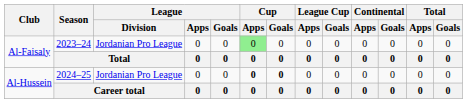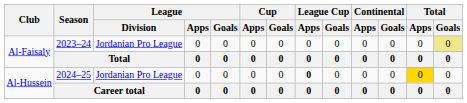 <table class="wikitable" style="text-align: center;">
 <tr>
 <th rowspan="2">Club</th>
 <th rowspan="2">Season</th>
 <th colspan="3">League</th>
 <th colspan="2">Cup</th>
 <th colspan="2">League Cup</th>
 <th colspan="2">Continental</th>
 <th colspan="2">Total</th>
 </tr>
 <tr>
 <th>Division</th>
 <th>Apps</th>
 <th>Goals</th>
 <th>Apps</th>
 <th>Goals</th>
 <th>Apps</th>
 <th>Goals</th>
 <th>Apps</th>
 <th>Goals</th>
 <th>Apps</th>
 <th>Goals</th>
 </tr>
 <tr>
 <td rowspan="2" valign="center"><a href='#'>Al-Faisaly</a></td>
 <td><a href='#'>2023–24</a></td>
 <td><a href='#'>Jordanian Pro League</a></td>
 <td>0</td>
 <td>0</td>
-<td style="background: lightgreen;">0</td>
 <td>0</td>
 <td>0</td>
 <td>0</td>
 <td>0</td>
 <td>0</td>
 <td>0</td>
 <td>0</td>
+<td style="background: khaki;">0</td>
 </tr>
 <tr>
 <th colspan="2">Total</th>
 <th>0</th>
 <th>0</th>
 <th>0</th>
 <th>0</th>
 <th>0</th>
 <th>0</th>
 <th>0</th>
 <th>0</th>
 <th>0</th>
 <th>0</th>
 </tr>
 <tr>
 <td rowspan="2" valign="center"><a href='#'>Al-Hussein</a></td>
 <td><a href='#'>2024–25</a></td>
 <td><a href='#'>Jordanian Pro League</a></td>
 <td>0</td>
 <td>0</td>
-<td><strong>0</strong></td>
+<td>0</td>
+<td>0</td>
 <td><strong>0</strong></td>
 <td>0</td>
 <td>0</td>
 <td>0</td>
-<td>0</td>
-<td>0</td>
+<td style="background: gold;">0</td>
 <td>0</td>
 </tr>
 <tr>
 <th colspan="2">Career total</th>
 <th>0</th>
 <th>0</th>
 <th>0</th>
 <th>0</th>
 <th>0</th>
 <th>0</th>
 <th>0</th>
 <th>0</th>
 <th>0</th>
 <th>0</th>
 </tr>
 </table>
